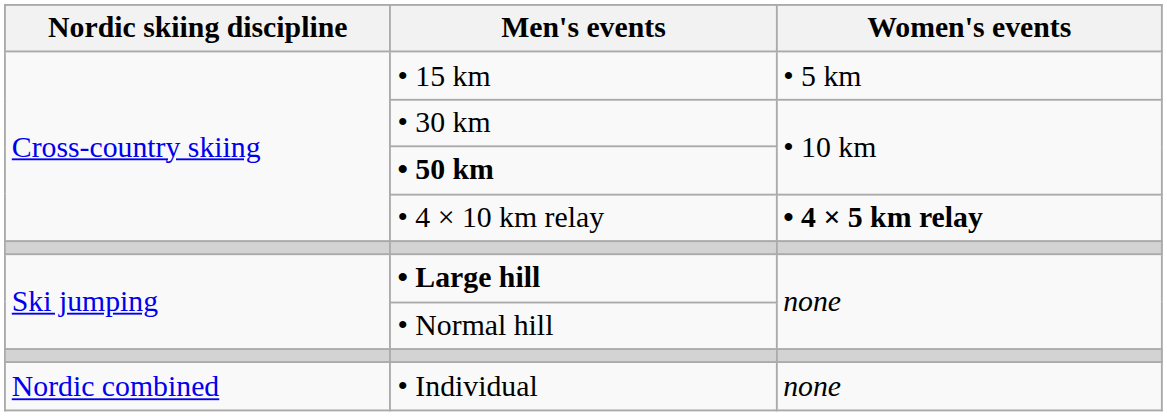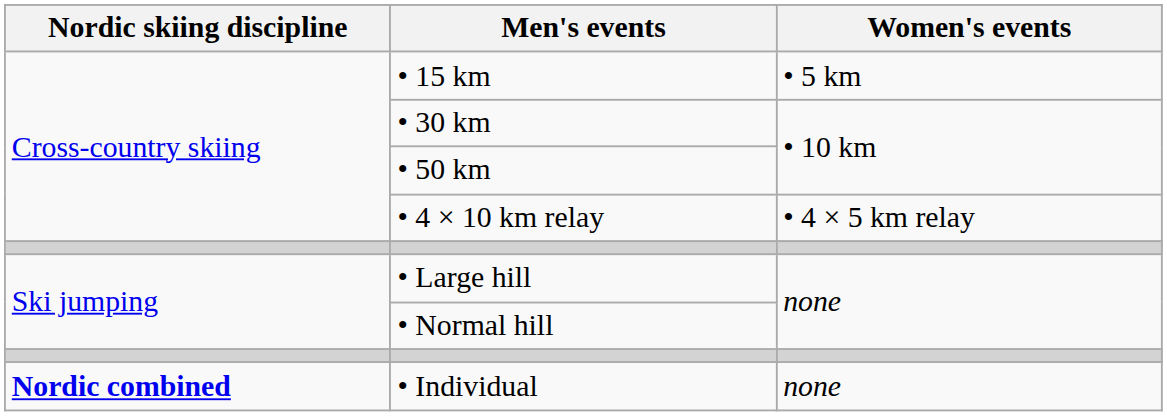 <table class="wikitable">
 <tr>
 <th width=200!>Nordic skiing discipline</th>
 <th width=200!>Men's events</th>
 <th width=200!>Women's events</th>
 </tr>
 <tr>
 <td rowspan=4><a href='#'>Cross-country skiing</a></td>
 <td>• 15 km</td>
 <td>• 5 km</td>
 </tr>
 <tr>
 <td>• 30 km</td>
 <td rowspan=2>• 10 km</td>
 </tr>
 <tr>
-<td><strong>• 50 km</strong></td>
+<td>• 50 km</td>
 </tr>
 <tr>
 <td>• 4 × 10 km relay</td>
-<td><strong>• 4 × 5 km relay</strong></td>
+<td>• 4 × 5 km relay</td>
 </tr>
 <tr bgcolor=lightgray>
 <td></td>
 <td></td>
 <td></td>
 </tr>
 <tr>
 <td rowspan=2><a href='#'>Ski jumping</a></td>
-<td><strong>• Large hill</strong></td>
+<td>• Large hill</td>
 <td rowspan=2><em>none</em></td>
 </tr>
 <tr>
 <td>• Normal hill</td>
 </tr>
 <tr bgcolor=lightgray>
 <td></td>
 <td></td>
 <td></td>
 </tr>
 <tr>
-<td><a href='#'>Nordic combined</a></td>
+<td><strong><a href='#'>Nordic combined</a></strong></td>
 <td>• Individual</td>
 <td><em>none</em></td>
 </tr>
 </table>
